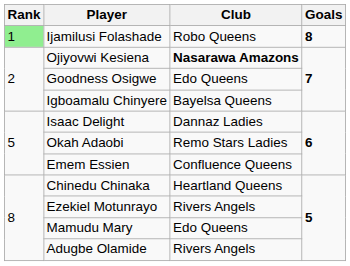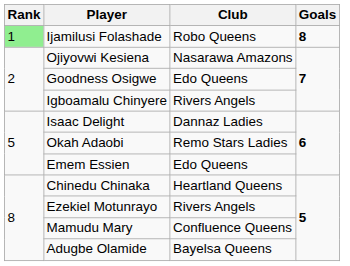 <table class="wikitable">
 <tr>
 <th>Rank</th>
 <th>Player</th>
 <th>Club</th>
 <th>Goals</th>
 </tr>
 <tr>
 <td style="background: lightgreen;">1</td>
 <td> Ijamilusi Folashade</td>
 <td>Robo Queens</td>
 <td><strong>8</strong></td>
 </tr>
 <tr>
 <td rowspan=3>2</td>
 <td> Ojiyovwi Kesiena</td>
-<td><strong>Nasarawa Amazons</strong></td>
+<td>Nasarawa Amazons</td>
 <td rowspan=3><strong>7</strong></td>
 </tr>
 <tr>
 <td> Goodness Osigwe</td>
 <td>Edo Queens</td>
 </tr>
 <tr>
 <td> Igboamalu Chinyere</td>
-<td>Bayelsa Queens</td>
+<td>Rivers Angels</td>
 </tr>
 <tr>
 <td rowspan=3>5</td>
 <td> Isaac Delight</td>
 <td>Dannaz Ladies</td>
 <td rowspan=3><strong>6</strong></td>
 </tr>
 <tr>
 <td> Okah Adaobi</td>
 <td>Remo Stars Ladies</td>
 </tr>
 <tr>
 <td> Emem Essien</td>
-<td>Confluence Queens</td>
+<td>Edo Queens</td>
 </tr>
 <tr>
 <td rowspan=4>8</td>
 <td> Chinedu Chinaka</td>
 <td>Heartland Queens</td>
 <td rowspan=4><strong>5</strong></td>
 </tr>
 <tr>
 <td> Ezekiel Motunrayo</td>
 <td>Rivers Angels</td>
 </tr>
 <tr>
 <td> Mamudu Mary</td>
-<td>Edo Queens</td>
+<td>Confluence Queens</td>
 </tr>
 <tr>
 <td> Adugbe Olamide</td>
-<td>Rivers Angels</td>
+<td>Bayelsa Queens</td>
 </tr>
 </table>
